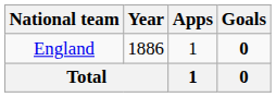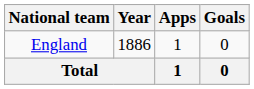 <table class=wikitable style="text-align: center">
 <tr>
 <th>National team</th>
 <th>Year</th>
 <th>Apps</th>
 <th>Goals</th>
 </tr>
 <tr>
 <td><a href='#'>England</a></td>
 <td>1886</td>
 <td>1</td>
-<td><strong>0</strong></td>
+<td>0</td>
 </tr>
 <tr>
 <th colspan=2>Total</th>
 <th>1</th>
 <th>0</th>
 </tr>
 </table>
